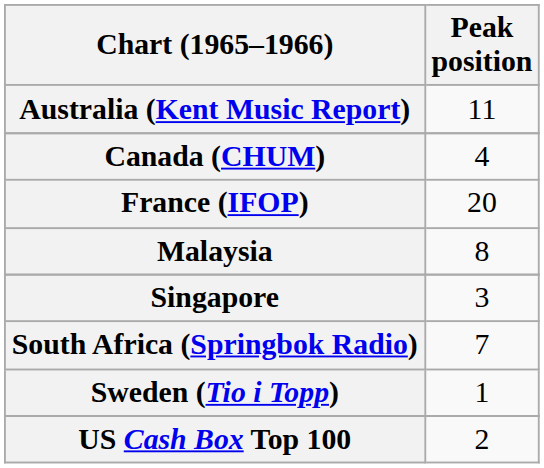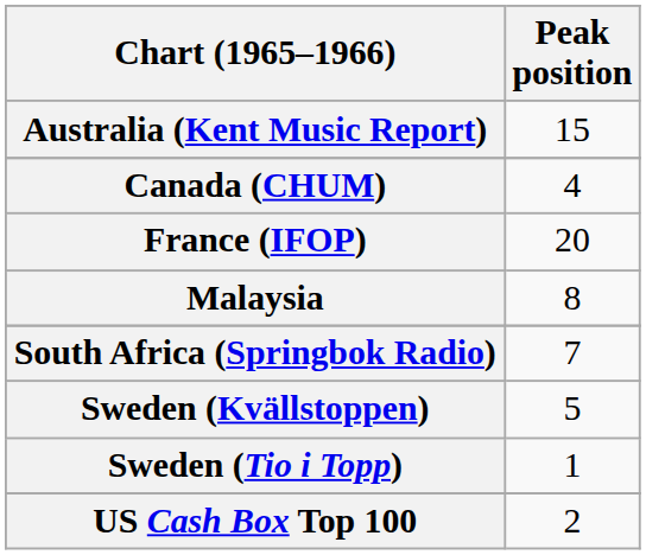 <table class="wikitable sortable plainrowheaders" style="text-align:center">
 <tr>
 <th>Chart (1965–1966)</th>
 <th>Peak<br>position</th>
 </tr>
 <tr>
 <th scope="row">Australia (<a href='#'>Kent Music Report</a>)</th>
-<td>11</td>
+<td>15</td>
 </tr>
 <tr>
 </tr>
 <tr>
 </tr>
 <tr>
 <th scope="row">Canada (<a href='#'>CHUM</a>)</th>
 <td>4</td>
 </tr>
 <tr>
 <th scope="row">France (<a href='#'>IFOP</a>)</th>
 <td>20</td>
 </tr>
 <tr>
 <th scope="row">Malaysia</th>
 <td>8</td>
 </tr>
 <tr>
 </tr>
 <tr>
 </tr>
 <tr>
-<th scope="row">Singapore</th>
-<td>3</td>
+<th scope="row">South Africa (<a href='#'>Springbok Radio</a>)</th>
+<td>7</td>
 </tr>
 <tr>
-<th scope="row">South Africa (<a href='#'>Springbok Radio</a>)</th>
-<td>7</td>
+<th scope="row">Sweden (<a href='#'>Kvällstoppen</a>)</th>
+<td>5</td>
 </tr>
 <tr>
 <th scope="row">Sweden (<em><a href='#'>Tio i Topp</a></em>)</th>
 <td>1</td>
 </tr>
 <tr>
 </tr>
 <tr>
 <th scope="row">US <a href='#'><em>Cash Box</em></a> Top 100</th>
 <td>2</td>
 </tr>
 </table>
